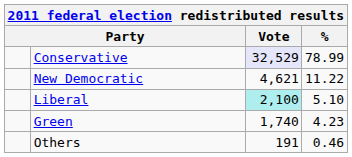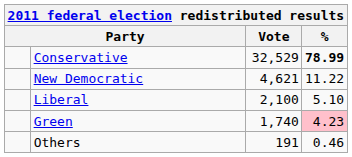 <table class="wikitable">
 <tr>
 <th colspan="4"><a href='#'>2011 federal election</a> redistributed results</th>
 </tr>
 <tr>
 <th width="130" bgcolor="#ddddff" colspan="2">Party</th>
 <th width="50" bgcolor="#ddddff">Vote</th>
 <th width="30" bgcolor="#ddddff">%</th>
 </tr>
 <tr>
 <td> </td>
 <td><a href='#'>Conservative</a></td>
-<td align=right style="background: lavender;">32,529</td>
-<td align=right>78.99</td>
+<td align=right>32,529</td>
+<td align=right><strong>78.99</strong></td>
 </tr>
 <tr>
 <td> </td>
 <td><a href='#'>New Democratic</a></td>
 <td align=right>4,621</td>
 <td align=right>11.22</td>
 </tr>
 <tr>
 <td> </td>
 <td><a href='#'>Liberal</a></td>
-<td align=right style="background: paleturquoise;">2,100</td>
+<td align=right>2,100</td>
 <td align=right>5.10</td>
 </tr>
 <tr>
 <td> </td>
 <td><a href='#'>Green</a></td>
 <td align=right>1,740</td>
-<td align=right>4.23</td>
+<td align=right style="background: pink;">4.23</td>
 </tr>
 <tr>
 <td> </td>
 <td>Others</td>
 <td align=right>191</td>
 <td align=right>0.46</td>
 </tr>
 </table>
